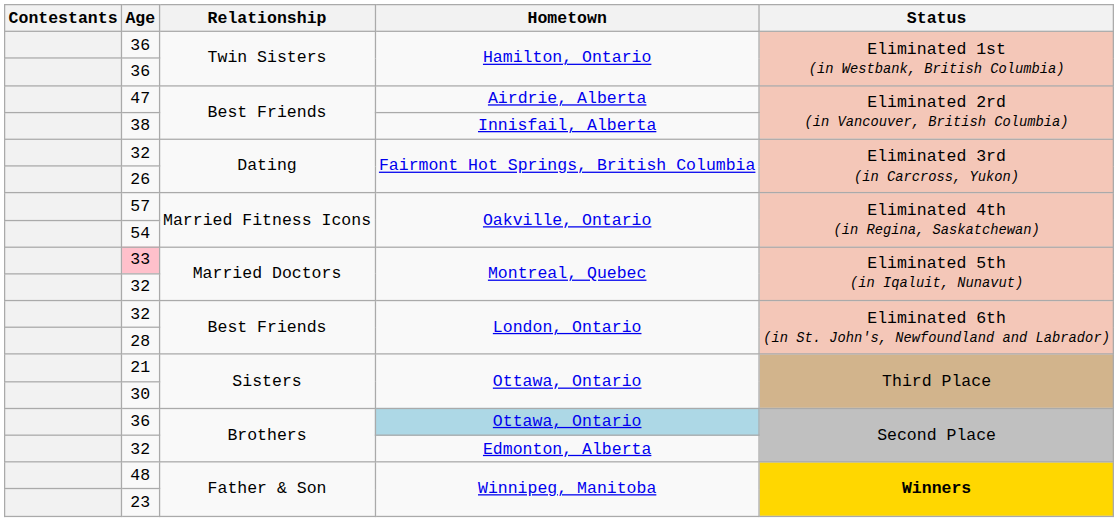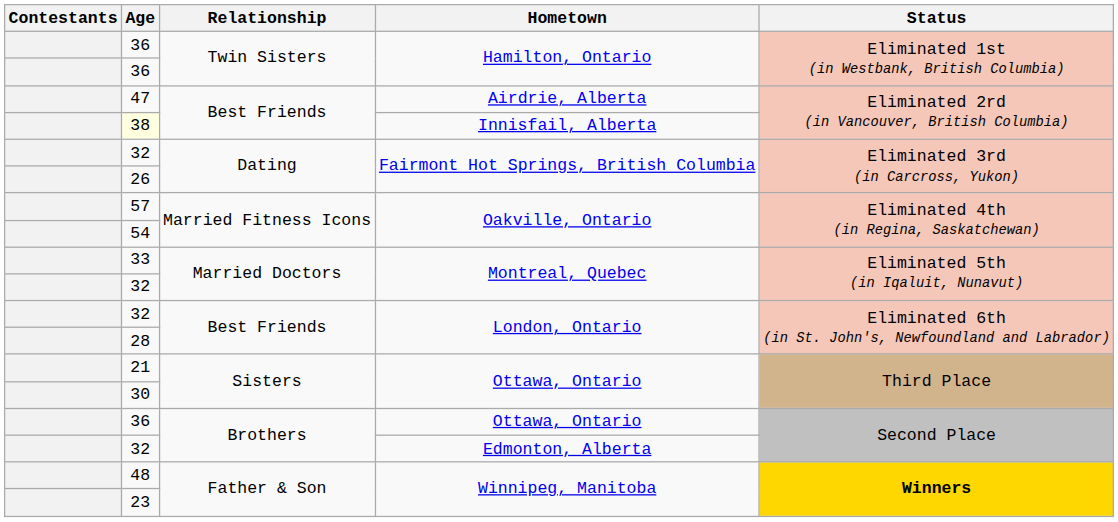 <table class="wikitable sortable" style="text-align:center;">
 <tr>
 <th scope="col">Contestants</th>
 <th scope="col">Age</th>
 <th scope="col" class="unsortable">Relationship</th>
 <th class="unsortable" scope="col">Hometown</th>
 <th scope="col">Status</th>
 </tr>
 <tr>
 <th scope="row"></th>
 <td>36</td>
 <td rowspan="2">Twin Sisters</td>
 <td rowspan="2"><a href='#'>Hamilton, Ontario</a></td>
 <td rowspan="2" bgcolor="f4c7b8">Eliminated 1st<br><small><em>(in Westbank, British Columbia)</em></small></td>
 </tr>
 <tr>
 <th scope="row"></th>
 <td>36</td>
 </tr>
 <tr>
 <th scope="row"></th>
 <td>47</td>
 <td rowspan="2">Best Friends</td>
 <td><a href='#'>Airdrie, Alberta</a></td>
 <td rowspan="2" bgcolor="f4c7b8">Eliminated 2rd<br><small><em>(in Vancouver, British Columbia)</em></small></td>
 </tr>
 <tr>
 <th scope="row"></th>
-<td>38</td>
+<td style="background: lightyellow;">38</td>
 <td><a href='#'>Innisfail, Alberta</a></td>
 </tr>
 <tr>
 <th scope="row"></th>
 <td>32</td>
 <td rowspan="2">Dating</td>
 <td rowspan="2"><a href='#'>Fairmont Hot Springs, British Columbia</a></td>
 <td rowspan="2" bgcolor="f4c7b8">Eliminated 3rd<br><small><em>(in Carcross, Yukon)</em></small></td>
 </tr>
 <tr>
 <th scope="row"></th>
 <td>26</td>
 </tr>
 <tr>
 <th scope="row"></th>
 <td>57</td>
 <td rowspan="2">Married Fitness Icons</td>
 <td rowspan="2"><a href='#'>Oakville, Ontario</a></td>
 <td rowspan="2" bgcolor="f4c7b8">Eliminated 4th<br><small><em>(in Regina, Saskatchewan)</em></small></td>
 </tr>
 <tr>
 <th scope="row"></th>
 <td>54</td>
 </tr>
 <tr>
 <th scope="row"></th>
-<td style="background: pink;">33</td>
+<td>33</td>
 <td rowspan="2">Married Doctors</td>
 <td rowspan="2"><a href='#'>Montreal, Quebec</a></td>
 <td rowspan="2" bgcolor="f4c7b8">Eliminated 5th<br><small><em>(in Iqaluit, Nunavut)</em></small></td>
 </tr>
 <tr>
 <th scope="row"></th>
 <td>32</td>
 </tr>
 <tr>
 <th scope="row"></th>
 <td>32</td>
 <td rowspan="2">Best Friends</td>
 <td rowspan="2"><a href='#'>London, Ontario</a></td>
 <td rowspan="2" bgcolor="f4c7b8">Eliminated 6th<br><small><em>(in St. John's, Newfoundland and Labrador)</em></small></td>
 </tr>
 <tr>
 <th scope="row"></th>
 <td>28</td>
 </tr>
 <tr>
 <th scope="row"></th>
 <td>21</td>
 <td rowspan="2">Sisters</td>
 <td rowspan="2"><a href='#'>Ottawa, Ontario</a></td>
 <td rowspan="2" bgcolor="tan">Third Place</td>
 </tr>
 <tr>
 <th scope="row"></th>
 <td>30</td>
 </tr>
 <tr>
 <th scope="row"></th>
 <td>36</td>
 <td rowspan="2">Brothers</td>
-<td style="background: lightblue;"><a href='#'>Ottawa, Ontario</a></td>
+<td><a href='#'>Ottawa, Ontario</a></td>
 <td rowspan="2" bgcolor="silver">Second Place</td>
 </tr>
 <tr>
 <th scope="row"></th>
 <td>32</td>
 <td><a href='#'>Edmonton, Alberta</a></td>
 </tr>
 <tr>
 <th scope="row"></th>
 <td>48</td>
 <td rowspan="2">Father & Son</td>
 <td rowspan="2"><a href='#'>Winnipeg, Manitoba</a></td>
 <td rowspan="2" bgcolor="gold"><strong>Winners</strong></td>
 </tr>
 <tr>
 <th scope="row"></th>
 <td>23</td>
 </tr>
 </table>
